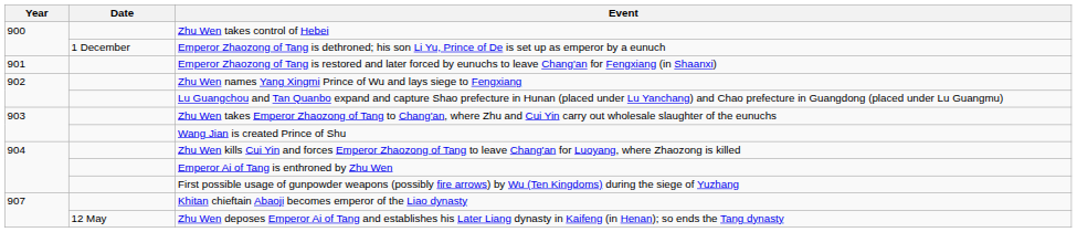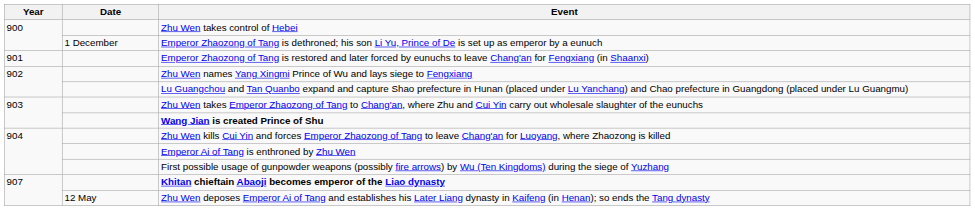 <table class="wikitable" width="100%">
 <tr>
 <th style="width:6%">Year</th>
 <th style="width:10%">Date</th>
 <th>Event</th>
 </tr>
 <tr>
 <td rowspan="2" valign="top">900</td>
 <td></td>
 <td><a href='#'>Zhu Wen</a> takes control of <a href='#'>Hebei</a></td>
 </tr>
 <tr>
 <td>1 December</td>
 <td><a href='#'>Emperor Zhaozong of Tang</a> is dethroned; his son <a href='#'>Li Yu, Prince of De</a> is set up as emperor by a eunuch</td>
 </tr>
 <tr>
 <td>901</td>
 <td></td>
 <td><a href='#'>Emperor Zhaozong of Tang</a> is restored and later forced by eunuchs to leave <a href='#'>Chang'an</a> for <a href='#'>Fengxiang</a> (in <a href='#'>Shaanxi</a>)</td>
 </tr>
 <tr>
 <td rowspan="2" valign="top">902</td>
 <td></td>
 <td><a href='#'>Zhu Wen</a> names <a href='#'>Yang Xingmi</a> Prince of Wu and lays siege to <a href='#'>Fengxiang</a></td>
 </tr>
 <tr>
 <td></td>
 <td><a href='#'>Lu Guangchou</a> and <a href='#'>Tan Quanbo</a> expand and capture Shao prefecture in Hunan (placed under <a href='#'>Lu Yanchang</a>) and Chao prefecture in Guangdong (placed under Lu Guangmu)</td>
 </tr>
 <tr>
 <td rowspan="2" valign="top">903</td>
 <td></td>
 <td><a href='#'>Zhu Wen</a> takes <a href='#'>Emperor Zhaozong of Tang</a> to <a href='#'>Chang'an</a>, where Zhu and <a href='#'>Cui Yin</a> carry out wholesale slaughter of the eunuchs</td>
 </tr>
 <tr>
 <td></td>
-<td><a href='#'>Wang Jian</a> is created Prince of Shu</td>
+<td><strong><a href='#'>Wang Jian</a> is created Prince of Shu</strong></td>
 </tr>
 <tr>
 <td rowspan="3" valign="top">904</td>
 <td></td>
 <td><a href='#'>Zhu Wen</a> kills <a href='#'>Cui Yin</a> and forces <a href='#'>Emperor Zhaozong of Tang</a> to leave <a href='#'>Chang'an</a> for <a href='#'>Luoyang</a>, where Zhaozong is killed</td>
 </tr>
 <tr>
 <td></td>
 <td><a href='#'>Emperor Ai of Tang</a> is enthroned by <a href='#'>Zhu Wen</a></td>
 </tr>
 <tr>
 <td></td>
 <td>First possible usage of gunpowder weapons (possibly <a href='#'>fire arrows</a>) by <a href='#'>Wu (Ten Kingdoms)</a> during the siege of <a href='#'>Yuzhang</a></td>
 </tr>
 <tr>
 <td rowspan="5" valign="top">907</td>
 <td></td>
-<td><a href='#'>Khitan</a> chieftain <a href='#'>Abaoji</a> becomes emperor of the <a href='#'>Liao dynasty</a></td>
+<td><strong><a href='#'>Khitan</a> chieftain <a href='#'>Abaoji</a> becomes emperor of the <a href='#'>Liao dynasty</a></strong></td>
 </tr>
 <tr>
 <td>12 May</td>
 <td><a href='#'>Zhu Wen</a> deposes <a href='#'>Emperor Ai of Tang</a> and establishes his <a href='#'>Later Liang</a> dynasty in <a href='#'>Kaifeng</a> (in <a href='#'>Henan</a>); so ends the <a href='#'>Tang dynasty</a></td>
 </tr>
 </table>
